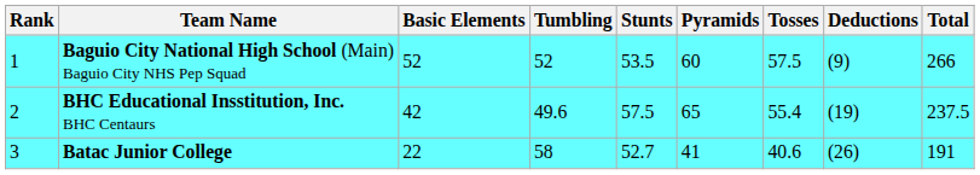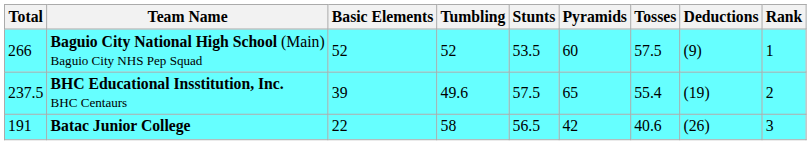 <table class="wikitable" style="text align: center">
 <tr bgcolor="#efefef">
-<th>Rank</th>
+<th>Total</th>
 <th>Team Name</th>
 <th>Basic Elements</th>
 <th>Tumbling</th>
 <th>Stunts</th>
 <th>Pyramids</th>
 <th>Tosses</th>
 <th>Deductions</th>
-<th>Total</th>
+<th>Rank</th>
 </tr>
 <tr bgcolor="66FFFF">
-<td>1</td>
+<td>266</td>
 <td><strong>Baguio City National High School</strong> (Main) <br> <small> Baguio City NHS Pep Squad </small></td>
 <td>52</td>
 <td>52</td>
 <td>53.5</td>
 <td>60</td>
 <td>57.5</td>
 <td>(9)</td>
-<td>266</td>
+<td>1</td>
 </tr>
 <tr bgcolor="66FFFF">
-<td>2</td>
+<td>237.5</td>
 <td><strong>BHC Educational Insstitution, Inc.</strong> <br> <small> BHC Centaurs </small></td>
-<td>42</td>
+<td>39</td>
 <td>49.6</td>
 <td>57.5</td>
 <td>65</td>
 <td>55.4</td>
 <td>(19)</td>
-<td>237.5</td>
+<td>2</td>
 </tr>
 <tr bgcolor="66FFFF">
-<td>3</td>
+<td>191</td>
 <td><strong>Batac Junior College</strong> <br> <small> </small></td>
 <td>22</td>
 <td>58</td>
-<td>52.7</td>
-<td>41</td>
+<td>56.5</td>
+<td>42</td>
 <td>40.6</td>
 <td>(26)</td>
-<td>191</td>
+<td>3</td>
 </tr>
 </table>
